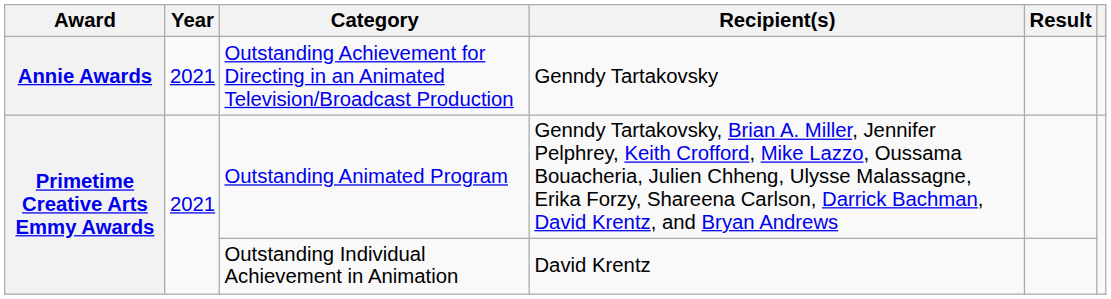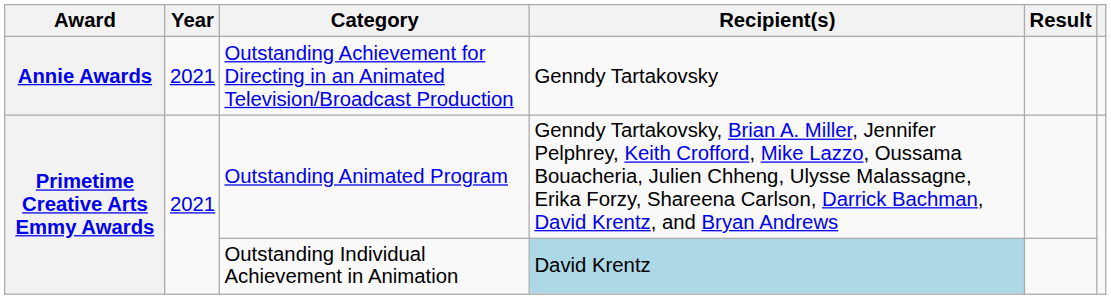 <table class="wikitable sortable plainrowheaders col6center">
 <tr>
 <th scope="col">Award</th>
 <th scope="col">Year</th>
 <th scope="col">Category</th>
 <th scope="col">Recipient(s)</th>
 <th scope="col">Result</th>
 <th scope="col" class="unsortable"></th>
 </tr>
 <tr>
 <th scope="row"><a href='#'>Annie Awards</a></th>
 <td><a href='#'>2021</a></td>
 <td><a href='#'>Outstanding Achievement for Directing in an Animated Television/Broadcast Production</a></td>
 <td>Genndy Tartakovsky </td>
 <td></td>
 <td></td>
 </tr>
 <tr>
 <th scope="row" rowspan="2"><a href='#'>Primetime Creative Arts Emmy Awards</a></th>
 <td rowspan="2"><a href='#'>2021</a></td>
 <td><a href='#'>Outstanding Animated Program</a></td>
 <td>Genndy Tartakovsky, <a href='#'>Brian A. Miller</a>, Jennifer Pelphrey, <a href='#'>Keith Crofford</a>, <a href='#'>Mike Lazzo</a>, Oussama Bouacheria, Julien Chheng, Ulysse Malassagne, Erika Forzy, Shareena Carlson, <a href='#'>Darrick Bachman</a>, <a href='#'>David Krentz</a>, and <a href='#'>Bryan Andrews</a> </td>
 <td></td>
 <td style="text-align:center;" rowspan="2"></td>
 </tr>
 <tr>
 <td>Outstanding Individual Achievement in Animation</td>
-<td>David Krentz </td>
+<td style="background: lightblue;">David Krentz </td>
 <td></td>
 </tr>
 </table>
